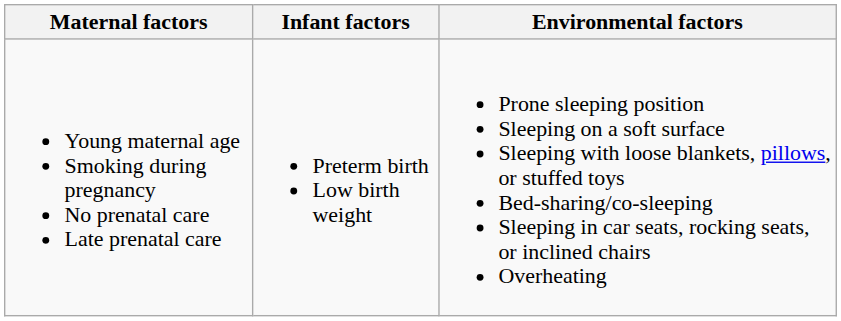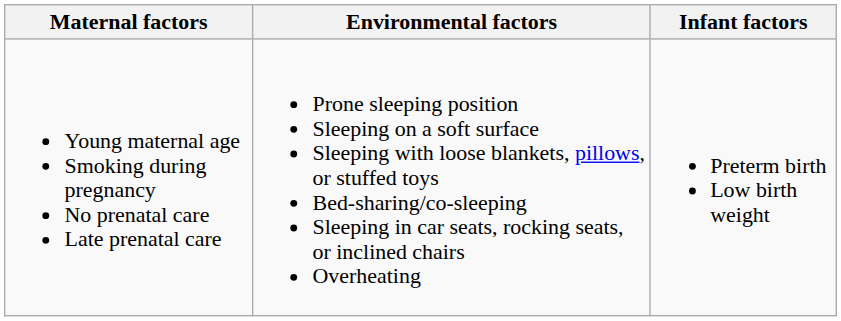 <table class="wikitable">
 <tr>
 <th>Maternal factors</th>
+<th>Environmental factors</th>
 <th>Infant factors</th>
-<th>Environmental factors</th>
 </tr>
 <tr>
 <td><br><ul><li>Young maternal age</li><li>Smoking during pregnancy</li><li>No prenatal care</li><li>Late prenatal care</li></ul></td>
+<td><br><ul><li>Prone sleeping position</li><li>Sleeping on a soft surface</li><li>Sleeping with loose blankets, <a href='#'>pillows</a>, or stuffed toys</li><li>Bed-sharing/co-sleeping</li><li>Sleeping in car seats, rocking seats, or inclined chairs</li><li>Overheating</li></ul></td>
 <td><br><ul><li>Preterm birth</li><li>Low birth weight</li></ul></td>
-<td><br><ul><li>Prone sleeping position</li><li>Sleeping on a soft surface</li><li>Sleeping with loose blankets, <a href='#'>pillows</a>, or stuffed toys</li><li>Bed-sharing/co-sleeping</li><li>Sleeping in car seats, rocking seats, or inclined chairs</li><li>Overheating</li></ul></td>
 </tr>
 </table>
